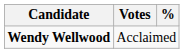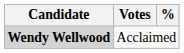 <table class="wikitable">
 <tr>
 <th>Candidate</th>
 <th>Votes</th>
 <th>%</th>
 </tr>
 <tr>
-<td><strong>Wendy Wellwood</strong></td>
+<td style="background: lightgrey;"><strong>Wendy Wellwood</strong></td>
 <td colspan="2">Acclaimed</td>
 </tr>
 </table>
